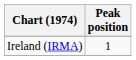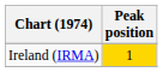 <table class="wikitable sortable">
 <tr>
 <th scope="col">Chart (1974)</th>
 <th scope="col">Peak<br>position</th>
 </tr>
 <tr>
 </tr>
 <tr>
 <td align="left">Ireland (<a href='#'>IRMA</a>)</td>
-<td style="text-align:center;">1</td>
+<td style="background: gold; text-align:center;">1</td>
 </tr>
 <tr>
 </tr>
 <tr>
 </tr>
 <tr>
 </tr>
 <tr>
 </tr>
 </table>
